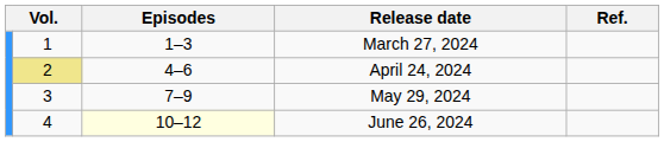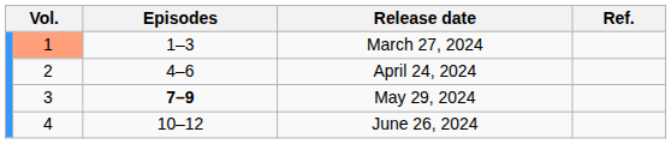 <table class="wikitable" style="text-align: center; width: 50%;">
 <tr>
 <th colspan="2">Vol.</th>
 <th>Episodes</th>
 <th>Release date</th>
 <th>Ref.</th>
 </tr>
 <tr>
 <td rowspan="4" width="1%" style="background: #3198FF;"></td>
-<td>1</td>
+<td style="background: lightsalmon;">1</td>
 <td>1–3</td>
 <td>March 27, 2024</td>
 <td></td>
 </tr>
 <tr>
-<td style="background: khaki;">2</td>
+<td>2</td>
 <td>4–6</td>
 <td>April 24, 2024</td>
 <td></td>
 </tr>
 <tr>
 <td>3</td>
-<td>7–9</td>
+<td><strong>7–9</strong></td>
 <td>May 29, 2024</td>
 <td></td>
 </tr>
 <tr>
 <td>4</td>
-<td style="background: lightyellow;">10–12</td>
+<td>10–12</td>
 <td>June 26, 2024</td>
 <td></td>
 </tr>
 </table>
